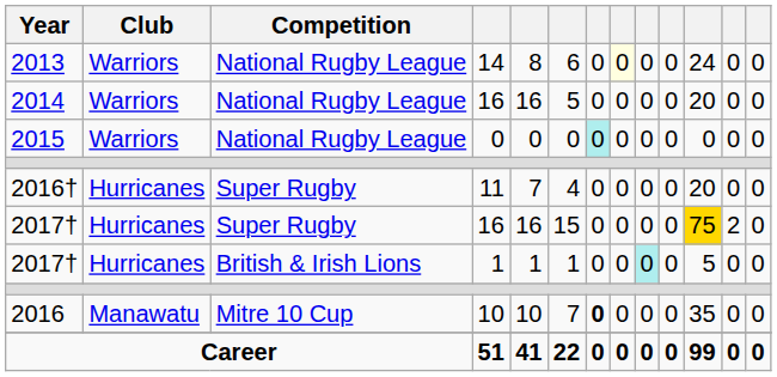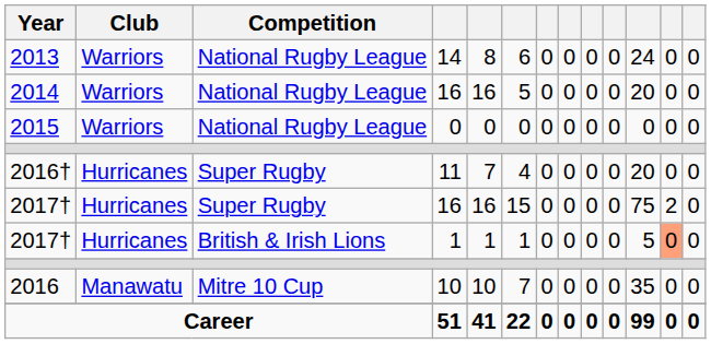 <table class="wikitable sortable" style="text-align: right; font-size: 95%">
 <tr>
 <th>Year</th>
 <th>Club</th>
 <th>Competition</th>
 <th></th>
 <th></th>
 <th></th>
 <th></th>
 <th></th>
 <th></th>
 <th></th>
 <th></th>
 <th></th>
 <th></th>
 </tr>
 <tr>
 <td style="text-align:left;"><a href='#'>2013</a></td>
 <td style="text-align:left;"><a href='#'>Warriors</a></td>
 <td style="text-align:left;"><a href='#'>National Rugby League</a></td>
 <td>14</td>
 <td>8</td>
 <td>6</td>
 <td>0</td>
-<td style="background: lightyellow;">0</td>
+<td>0</td>
 <td>0</td>
 <td>0</td>
 <td>24</td>
 <td>0</td>
 <td>0</td>
 </tr>
 <tr>
 <td style="text-align:left;"><a href='#'>2014</a></td>
 <td style="text-align:left;"><a href='#'>Warriors</a></td>
 <td style="text-align:left;"><a href='#'>National Rugby League</a></td>
 <td>16</td>
 <td>16</td>
 <td>5</td>
 <td>0</td>
 <td>0</td>
 <td>0</td>
 <td>0</td>
 <td>20</td>
 <td>0</td>
 <td>0</td>
 </tr>
 <tr>
 <td style="text-align:left;"><a href='#'>2015</a></td>
 <td style="text-align:left;"><a href='#'>Warriors</a></td>
 <td style="text-align:left;"><a href='#'>National Rugby League</a></td>
 <td>0</td>
 <td>0</td>
 <td>0</td>
-<td style="background: paleturquoise;">0</td>
+<td>0</td>
 <td>0</td>
 <td>0</td>
 <td>0</td>
 <td>0</td>
 <td>0</td>
 <td>0</td>
 </tr>
 <tr>
 <td colspan=13 style="background-color: #DDDDDD"></td>
 </tr>
 <tr>
 <td style="text-align:left;">2016†</td>
 <td style="text-align:left;"><a href='#'>Hurricanes</a></td>
 <td style="text-align:left;"><a href='#'>Super Rugby</a></td>
 <td>11</td>
 <td>7</td>
 <td>4</td>
 <td>0</td>
 <td>0</td>
 <td>0</td>
 <td>0</td>
 <td>20</td>
 <td>0</td>
 <td>0</td>
 </tr>
 <tr>
 <td style="text-align:left;">2017†</td>
 <td style="text-align:left;"><a href='#'>Hurricanes</a></td>
 <td style="text-align:left;"><a href='#'>Super Rugby</a></td>
 <td>16</td>
 <td>16</td>
 <td>15</td>
 <td>0</td>
 <td>0</td>
 <td>0</td>
 <td>0</td>
-<td style="background: gold;">75</td>
+<td>75</td>
 <td>2</td>
 <td>0</td>
 </tr>
 <tr>
 <td style="text-align:left;">2017†</td>
 <td style="text-align:left;"><a href='#'>Hurricanes</a></td>
 <td style="text-align:left;"><a href='#'>British & Irish Lions</a></td>
 <td>1</td>
 <td>1</td>
 <td>1</td>
 <td>0</td>
 <td>0</td>
-<td style="background: paleturquoise;">0</td>
+<td>0</td>
 <td>0</td>
 <td>5</td>
-<td>0</td>
+<td style="background: lightsalmon;">0</td>
 <td>0</td>
 </tr>
 <tr>
 <td colspan=13 style="background-color: #DDDDDD"></td>
 </tr>
 <tr>
 <td style="text-align:left;">2016</td>
 <td style="text-align:left;"><a href='#'>Manawatu</a></td>
 <td style="text-align:left;"><a href='#'>Mitre 10 Cup</a></td>
 <td>10</td>
 <td>10</td>
 <td>7</td>
-<td><strong>0</strong></td>
+<td>0</td>
 <td>0</td>
 <td>0</td>
 <td>0</td>
 <td>35</td>
 <td>0</td>
 <td>0</td>
 </tr>
 <tr>
 </tr>
 <tr class="sortbottom" valign="top">
 <td colspan=3 style="text-align: center"><strong>Career</strong></td>
 <td><strong>51</strong></td>
 <td><strong>41</strong></td>
 <td><strong>22</strong></td>
 <td><strong>0</strong></td>
 <td><strong>0</strong></td>
 <td><strong>0</strong></td>
 <td><strong>0</strong></td>
 <td><strong>99</strong></td>
 <td><strong>0</strong></td>
 <td><strong>0</strong></td>
 </tr>
 </table>
